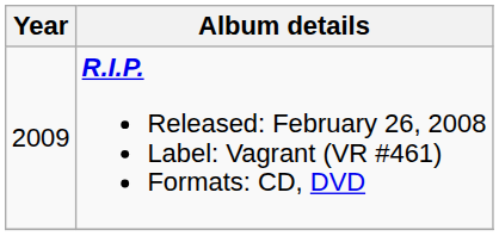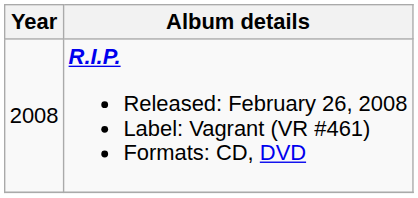 <table class ="wikitable">
 <tr>
 <th>Year</th>
 <th>Album details</th>
 </tr>
 <tr>
-<td>2009</td>
+<td>2008</td>
 <td><strong><em><a href='#'>R.I.P.</a></em></strong><br><ul><li>Released: February 26, 2008</li><li>Label: Vagrant (VR #461)</li><li>Formats: CD, <a href='#'>DVD</a></li></ul></td>
 </tr>
 <tr>
 </tr>
 </table>
